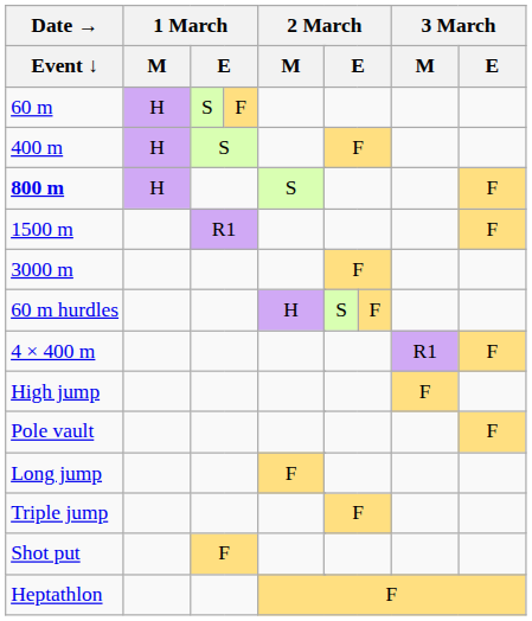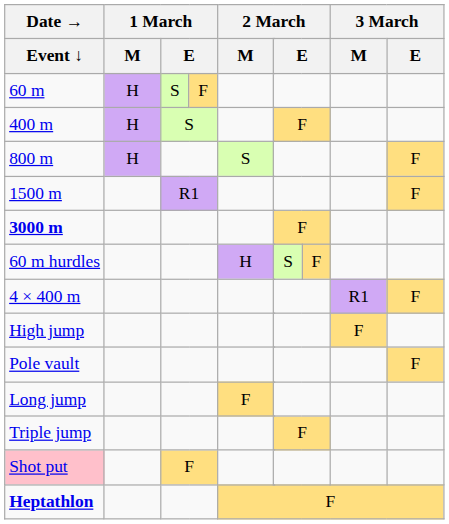 <table class="wikitable mw-datatable" style="margin:0.5em auto; font-size:90%; line-height:1.5em;">
 <tr align=center>
 <th>Date →</th>
 <th width=80px colspan=4>1 March</th>
 <th width=80px colspan=4>2 March</th>
 <th width=80px colspan=4>3 March</th>
 </tr>
 <tr>
 <th>Event ↓</th>
 <th width=40px colspan=2>M</th>
 <th width=40px colspan=2>E</th>
 <th width=40px colspan=2>M</th>
 <th width=40px colspan=2>E</th>
 <th width=40px colspan=2>M</th>
 <th width=40px colspan=2>E</th>
 </tr>
 <tr align=center>
 <td align=left><a href='#'>60 m</a></td>
 <td bgcolor="#D0A9F5" colspan=2>H</td>
 <td bgcolor="#D9FFB2">S</td>
 <td bgcolor="#FFDF80">F</td>
 <td colspan=2></td>
 <td colspan=2></td>
 <td colspan=2></td>
 <td colspan=2></td>
 </tr>
 <tr align=center>
 <td align=left><a href='#'>400 m</a></td>
 <td bgcolor="#D0A9F5" colspan=2>H</td>
 <td bgcolor="#D9FFB2" colspan=2>S</td>
 <td colspan=2></td>
 <td bgcolor="#FFDF80" colspan=2>F</td>
 <td colspan=2></td>
 <td colspan=2></td>
 </tr>
 <tr align=center>
-<td align=left><strong><a href='#'>800 m</a></strong></td>
+<td align=left><a href='#'>800 m</a></td>
 <td bgcolor="#D0A9F5" colspan=2>H</td>
 <td colspan=2></td>
 <td bgcolor="#D9FFB2" colspan=2>S</td>
 <td colspan=2></td>
 <td colspan=2></td>
 <td bgcolor="#FFDF80" colspan=2>F</td>
 </tr>
 <tr align=center>
 <td align=left><a href='#'>1500 m</a></td>
 <td colspan=2></td>
 <td bgcolor="#D0A9F5" colspan=2>R1</td>
 <td colspan=2></td>
 <td colspan=2></td>
 <td colspan=2></td>
 <td bgcolor="#FFDF80" colspan=2>F</td>
 </tr>
 <tr align=center>
-<td align=left><a href='#'>3000 m</a></td>
+<td align=left><strong><a href='#'>3000 m</a></strong></td>
 <td colspan=2></td>
 <td colspan=2></td>
 <td colspan=2></td>
 <td bgcolor="#FFDF80" colspan=2>F</td>
 <td colspan=2></td>
 <td colspan=2></td>
 </tr>
 <tr align=center>
 <td align=left><a href='#'>60 m hurdles</a></td>
 <td colspan=2></td>
 <td colspan=2></td>
 <td bgcolor="#D0A9F5" colspan=2>H</td>
 <td bgcolor="#D9FFB2">S</td>
 <td bgcolor="#FFDF80">F</td>
 <td colspan=2></td>
 <td colspan=2></td>
 </tr>
 <tr align=center>
 <td align=left><a href='#'>4 × 400 m</a></td>
 <td colspan=2></td>
 <td colspan=2></td>
 <td colspan=2></td>
 <td colspan=2></td>
 <td bgcolor="#D0A9F5" colspan=2>R1</td>
 <td bgcolor="#FFDF80" colspan=2>F</td>
 </tr>
 <tr align=center>
 <td align=left><a href='#'>High jump</a></td>
 <td colspan=2></td>
 <td colspan=2></td>
 <td colspan=2></td>
 <td colspan=2></td>
 <td bgcolor="#FFDF80" colspan=2>F</td>
 <td colspan=2></td>
 </tr>
 <tr align=center>
 <td align=left><a href='#'>Pole vault</a></td>
 <td colspan=2></td>
 <td colspan=2></td>
 <td colspan=2></td>
 <td colspan=2></td>
 <td colspan=2></td>
 <td bgcolor="#FFDF80" colspan=2>F</td>
 </tr>
 <tr align=center>
 <td align=left><a href='#'>Long jump</a></td>
 <td colspan=2></td>
 <td colspan=2></td>
 <td bgcolor="#FFDF80" colspan=2>F</td>
 <td colspan=2></td>
 <td colspan=2></td>
 <td colspan=2></td>
 </tr>
 <tr align=center>
 <td align=left><a href='#'>Triple jump</a></td>
 <td colspan=2></td>
 <td colspan=2></td>
 <td colspan=2></td>
 <td bgcolor="#FFDF80" colspan=2>F</td>
 <td colspan=2></td>
 <td colspan=2></td>
 </tr>
 <tr align=center>
-<td align=left><a href='#'>Shot put</a></td>
+<td align=left style="background: pink;"><a href='#'>Shot put</a></td>
 <td colspan=2></td>
 <td bgcolor="#FFDF80" colspan=2>F</td>
 <td colspan=2></td>
 <td colspan=2></td>
 <td colspan=2></td>
 <td colspan=2></td>
 </tr>
 <tr align=center>
-<td align=left><a href='#'>Heptathlon</a></td>
+<td align=left><strong><a href='#'>Heptathlon</a></strong></td>
 <td colspan=2></td>
 <td colspan=2></td>
 <td bgcolor="#FFDF80" colspan=8>F</td>
 </tr>
 </table>
